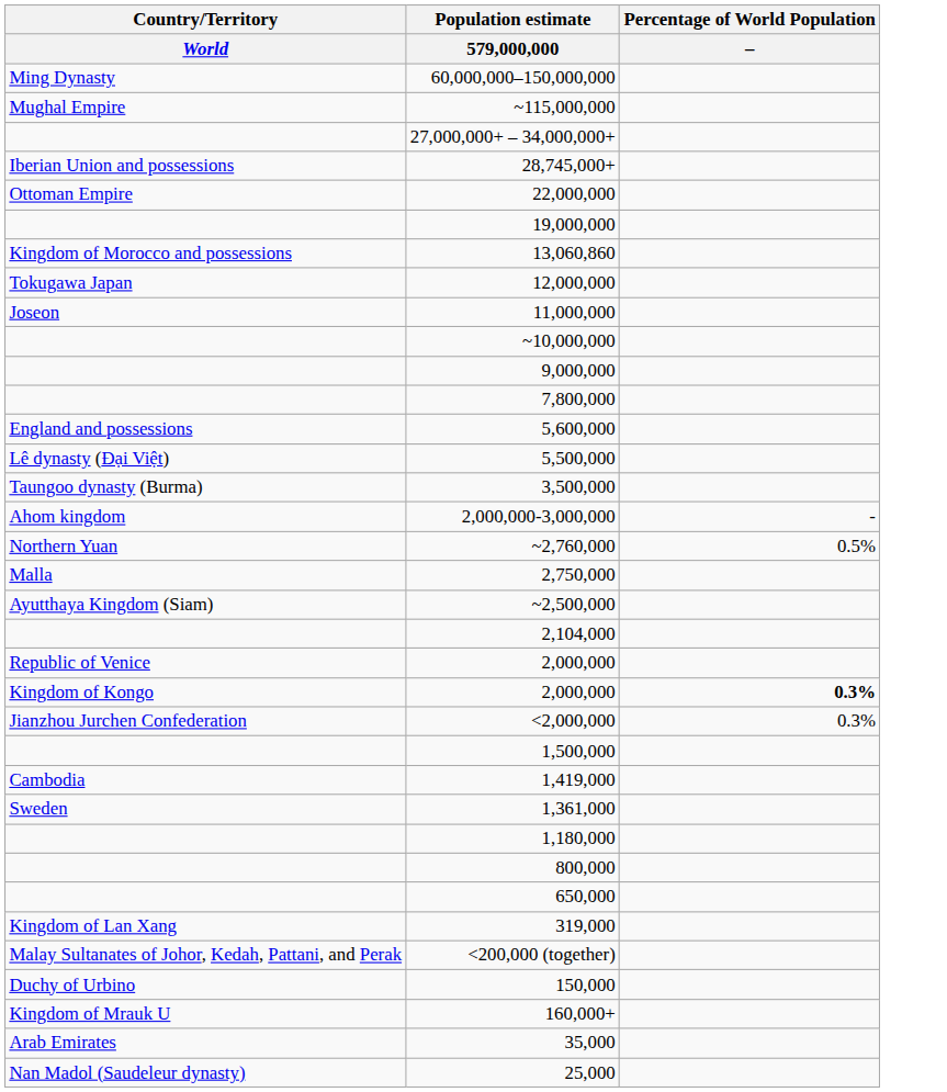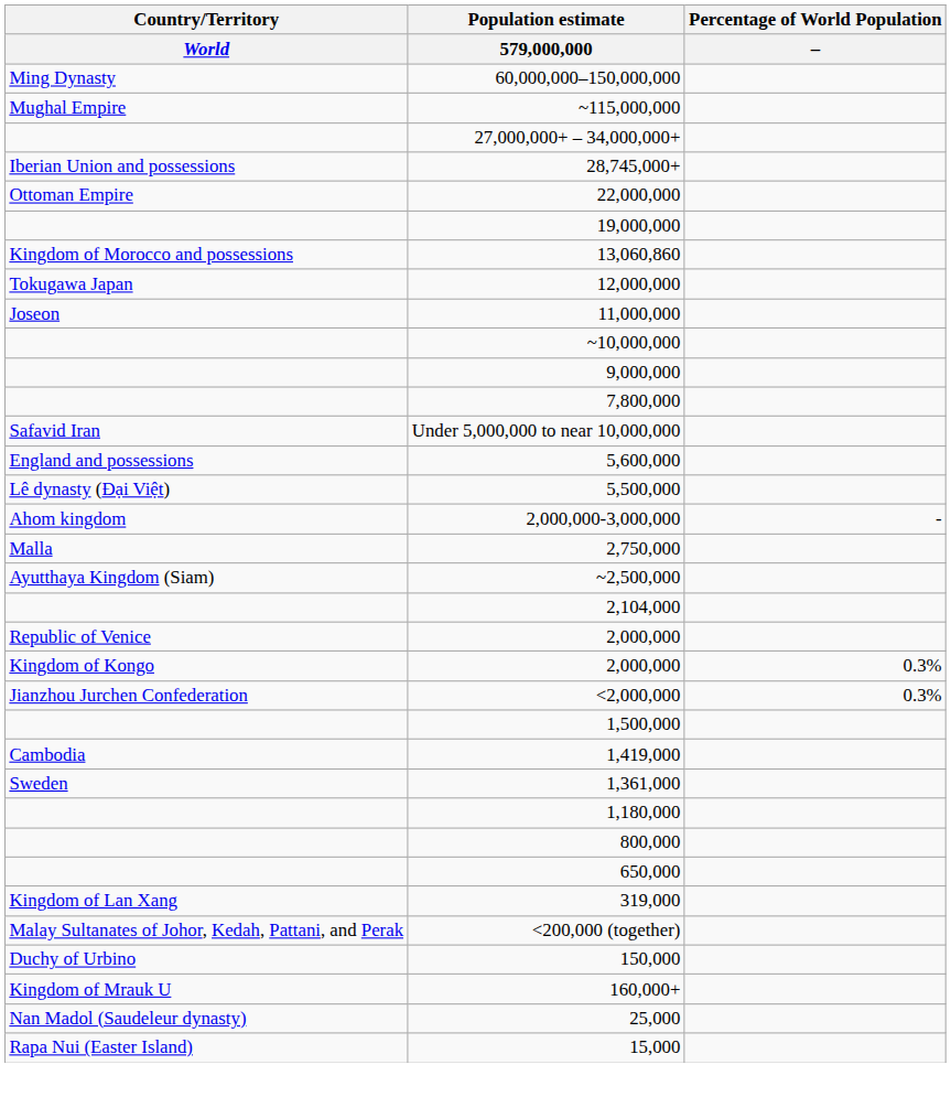 <table class="wikitable" style="text-align:right">
 <tr>
 <th>Country/Territory</th>
 <th>Population  estimate</th>
 <th>Percentage of World Population</th>
 </tr>
 <tr>
 <th align="left"> <em><a href='#'>World</a></em></th>
 <th>579,000,000</th>
 <th>–</th>
 </tr>
 <tr>
 <td align="left"> <a href='#'>Ming Dynasty</a></td>
 <td>60,000,000–150,000,000</td>
 <td></td>
 </tr>
 <tr>
 <td style="text-align:left;"> <a href='#'>Mughal Empire</a></td>
 <td>~115,000,000</td>
 <td></td>
 </tr>
 <tr>
 <td style="text-align:left;"><br></td>
 <td>27,000,000+ – 34,000,000+</td>
 <td></td>
 </tr>
 <tr>
 <td style="text-align:left;"> <a href='#'>Iberian Union and possessions</a><br></td>
 <td>28,745,000+</td>
 <td></td>
 </tr>
 <tr>
 <td style="text-align:left;"> <a href='#'>Ottoman Empire</a><br> </td>
 <td>22,000,000</td>
 <td></td>
 </tr>
 <tr>
 <td style="text-align:left;"> <br></td>
 <td>19,000,000</td>
 <td></td>
 </tr>
 <tr>
 <td style="text-align:left;"> <a href='#'>Kingdom of Morocco and possessions</a><br></td>
 <td>13,060,860</td>
 <td></td>
 </tr>
 <tr>
 <td style="text-align:left;"> <a href='#'>Tokugawa Japan</a></td>
 <td>12,000,000</td>
 <td></td>
 </tr>
 <tr>
 <td align="left"> <a href='#'>Joseon</a></td>
 <td>11,000,000</td>
 <td></td>
 </tr>
 <tr>
 <td style="text-align:left;"><br></td>
 <td>~10,000,000</td>
 <td></td>
 </tr>
 <tr>
 <td style="text-align:left;"></td>
 <td>9,000,000</td>
 <td></td>
 </tr>
 <tr>
 <td style="text-align:left;"><br></td>
 <td>7,800,000</td>
 <td></td>
 </tr>
 <tr>
+<td style="text-align:left;"> <a href='#'>Safavid Iran</a></td>
+<td>Under 5,000,000 to near 10,000,000</td>
+<td></td>
+</tr>
+<tr>
 <td style="text-align:left;"> <a href='#'>England and possessions</a><br></td>
 <td>5,600,000</td>
 <td></td>
 </tr>
 <tr>
 <td style="text-align:left;"><a href='#'>Lê dynasty</a> (<a href='#'>Đại Việt</a>)</td>
 <td>5,500,000</td>
 <td></td>
 </tr>
 <tr>
-<td style="text-align:left;"> <a href='#'>Taungoo dynasty</a> (Burma)<br></td>
-<td>3,500,000</td>
-<td></td>
-</tr>
-<tr>
 <td style="text-align:left;"><a href='#'>Ahom kingdom</a></td>
 <td>2,000,000-3,000,000</td>
 <td>-</td>
-</tr>
-<tr>
-<td style="text-align:left;"><a href='#'>Northern Yuan</a></td>
-<td>~2,760,000</td>
-<td>0.5%</td>
 </tr>
 <tr>
 <td style="text-align:left;"><a href='#'>Malla</a></td>
 <td>2,750,000</td>
 <td></td>
 </tr>
 <tr>
 <td style="text-align:left;"> <a href='#'>Ayutthaya Kingdom</a> (Siam)</td>
 <td>~2,500,000</td>
 <td></td>
 </tr>
 <tr>
 <td style="text-align:left;"></td>
 <td>2,104,000</td>
 <td></td>
 </tr>
 <tr>
 <td style="text-align:left;"> <a href='#'>Republic of Venice</a></td>
 <td>2,000,000</td>
 <td></td>
 </tr>
 <tr>
 <td style="text-align:left;"> <a href='#'>Kingdom of Kongo</a></td>
 <td>2,000,000</td>
-<td><strong>0.3%</strong></td>
+<td>0.3%</td>
 </tr>
 <tr>
 <td style="text-align:left;"> <a href='#'>Jianzhou Jurchen Confederation</a></td>
 <td><2,000,000</td>
 <td>0.3%</td>
 </tr>
 <tr>
 <td style="text-align:left;"></td>
 <td>1,500,000</td>
 <td></td>
 </tr>
 <tr>
 <td style="text-align:left;"> <a href='#'>Cambodia</a></td>
 <td>1,419,000</td>
 <td></td>
 </tr>
 <tr>
 <td style="text-align:left;"> <a href='#'>Sweden</a><br></td>
 <td>1,361,000</td>
 <td></td>
 </tr>
 <tr>
 <td style="text-align:left;"><br></td>
 <td>1,180,000</td>
 <td></td>
 </tr>
 <tr>
 <td style="text-align:left;"></td>
 <td>800,000</td>
 <td></td>
 </tr>
 <tr>
 <td style="text-align:left;"></td>
 <td>650,000</td>
 <td></td>
 </tr>
 <tr>
 <td style="text-align:left;"><a href='#'>Kingdom of Lan Xang</a></td>
 <td>319,000</td>
 <td></td>
 </tr>
 <tr>
 <td style="text-align:left;"><a href='#'>Malay Sultanates of Johor</a>, <a href='#'>Kedah</a>, <a href='#'>Pattani</a>, and <a href='#'>Perak</a></td>
 <td><200,000 (together)</td>
 <td></td>
 </tr>
 <tr>
 <td style="text-align:left;">  <a href='#'>Duchy of Urbino</a></td>
 <td>150,000</td>
 <td></td>
 </tr>
 <tr>
 <td style="text-align:left;"><a href='#'>Kingdom of Mrauk U</a></td>
 <td>160,000+</td>
 <td></td>
 </tr>
 <tr>
-<td style="text-align:left;"><a href='#'>Arab Emirates</a></td>
-<td>35,000</td>
-<td></td>
-</tr>
-<tr>
 <td style="text-align:left;"><a href='#'>Nan Madol (Saudeleur dynasty)</a></td>
 <td>25,000</td>
 <td></td>
 </tr>
+<tr>
+<td style="text-align:left;"><a href='#'>Rapa Nui (Easter Island)</a></td>
+<td>15,000</td>
+<td></td>
+</tr>
 </table>
